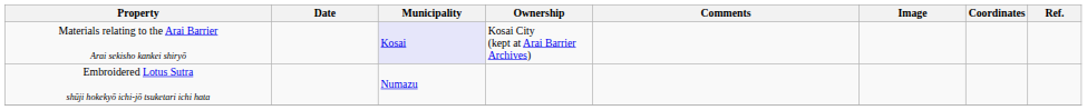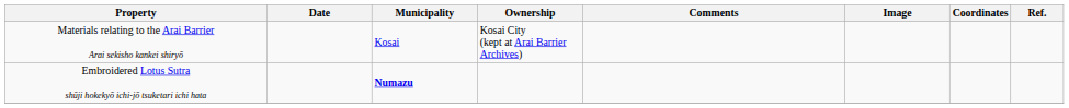 <table class="wikitable sortable"  style="width:100%;">
 <tr>
 <th width="25%" align="left">Property</th>
 <th width="10%" align="left" data-sort-type="number">Date</th>
 <th width="10%" align="left">Municipality</th>
 <th width="10%" align="left">Ownership</th>
 <th width="25%" align="left" class="unsortable">Comments</th>
 <th width="10%" align="left" class="unsortable">Image</th>
 <th width="5%" align="left" class="unsortable">Coordinates</th>
 <th width="5%" align="left" class="unsortable">Ref.</th>
 </tr>
 <tr>
 <td align="center">Materials relating to the <a href='#'>Arai Barrier</a><br><br><small><em>Arai sekisho kankei shiryō</em></small></td>
 <td></td>
-<td style="background: lavender;"><a href='#'>Kosai</a></td>
+<td><a href='#'>Kosai</a></td>
 <td>Kosai City<br>(kept at <a href='#'>Arai Barrier Archives</a>)</td>
 <td></td>
 <td></td>
 <td></td>
 <td></td>
 </tr>
 <tr>
 <td align="center">Embroidered <a href='#'>Lotus Sutra</a><br><br><small><em>shūji hokekyō ichi-jō tsuketari ichi hata</em></small></td>
 <td></td>
-<td><a href='#'>Numazu</a></td>
+<td><strong><a href='#'>Numazu</a></strong></td>
 <td></td>
 <td></td>
 <td></td>
 <td></td>
 <td></td>
 </tr>
 <tr>
 </tr>
 </table>
